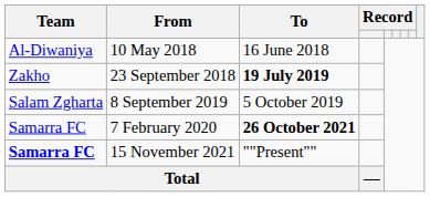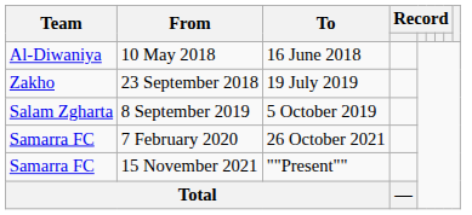 <table class=wikitable style=text-align:center>
 <tr>
 <th rowspan=2>Team</th>
 <th rowspan=2>From</th>
 <th rowspan=2>To</th>
 <th colspan=5>Record</th>
 <th rowspan=2></th>
 </tr>
 <tr>
 <th></th>
 <th></th>
 <th></th>
 <th></th>
 <th></th>
 </tr>
 <tr>
 <td align=left><a href='#'>Al-Diwaniya</a></td>
 <td align=left>10 May 2018</td>
 <td align=left>16 June 2018<br></td>
 <td></td>
 </tr>
 <tr>
 <td align=left><a href='#'>Zakho</a></td>
 <td align=left>23 September 2018</td>
-<td align=left><strong>19 July 2019<br></strong></td>
+<td align=left>19 July 2019<br></td>
 <td></td>
 </tr>
 <tr>
 <td align=left><a href='#'>Salam Zgharta</a></td>
 <td align=left>8 September 2019</td>
 <td align=left>5 October 2019<br></td>
 <td></td>
 </tr>
 <tr>
 <td align=left><a href='#'>Samarra FC</a></td>
 <td align=left>7 February 2020</td>
-<td align=left><strong>26 October 2021<br></strong></td>
+<td align=left>26 October 2021<br></td>
 <td></td>
 </tr>
 <tr>
-<td align=left><strong><a href='#'>Samarra FC</a></strong></td>
+<td align=left><a href='#'>Samarra FC</a></td>
 <td align=left>15 November 2021</td>
 <td align=left>""Present""<br></td>
 <td></td>
 </tr>
 <tr>
 <th colspan=3>Total<br></th>
 <th>—</th>
 </tr>
 </table>
